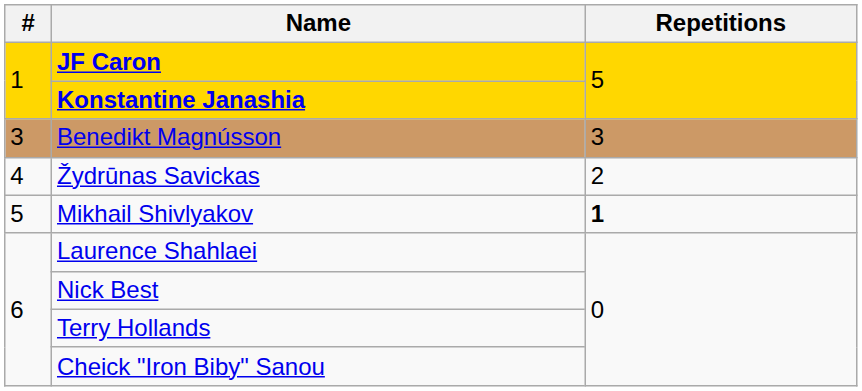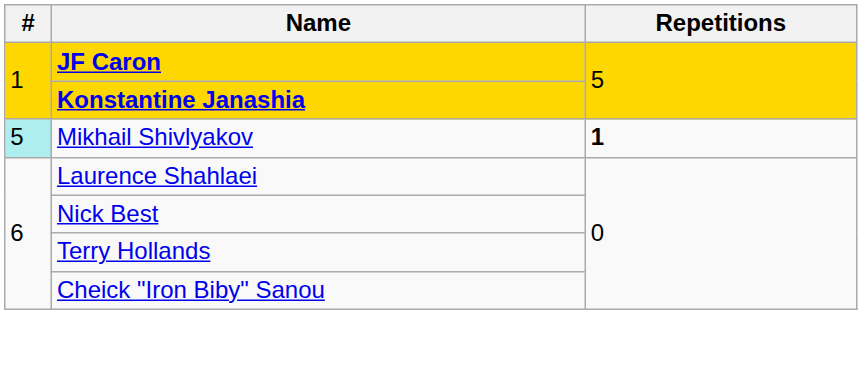 <table class="wikitable" style="display: inline-table;width: 45%;">
 <tr>
 <th>#</th>
 <th>Name</th>
 <th>Repetitions</th>
 </tr>
 <tr style="background:gold;">
 <td rowspan="2">1</td>
 <td> <strong><a href='#'>JF Caron</a></strong></td>
 <td rowspan="2">5</td>
 </tr>
 <tr style="background:gold;">
 <td> <strong><a href='#'>Konstantine Janashia</a></strong></td>
 </tr>
-<tr style="background:#c96;">
-<td>3</td>
-<td> <a href='#'>Benedikt Magnússon</a></td>
-<td>3</td>
-</tr>
 <tr>
-<td>4</td>
-<td> <a href='#'>Žydrūnas Savickas</a></td>
-<td>2</td>
-</tr>
-<tr>
-<td>5</td>
+<td style="background: paleturquoise;">5</td>
 <td> <a href='#'>Mikhail Shivlyakov</a></td>
 <td><strong>1</strong></td>
 </tr>
 <tr>
 <td rowspan="4">6</td>
 <td> <a href='#'>Laurence Shahlaei</a></td>
 <td rowspan="4">0</td>
 </tr>
 <tr>
 <td> <a href='#'>Nick Best</a></td>
 </tr>
 <tr>
 <td> <a href='#'>Terry Hollands</a></td>
 </tr>
 <tr>
 <td> <a href='#'>Cheick "Iron Biby" Sanou</a></td>
 </tr>
 </table>
